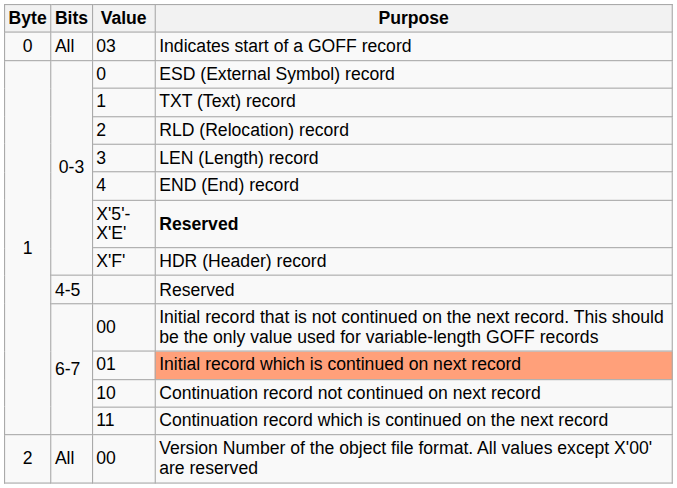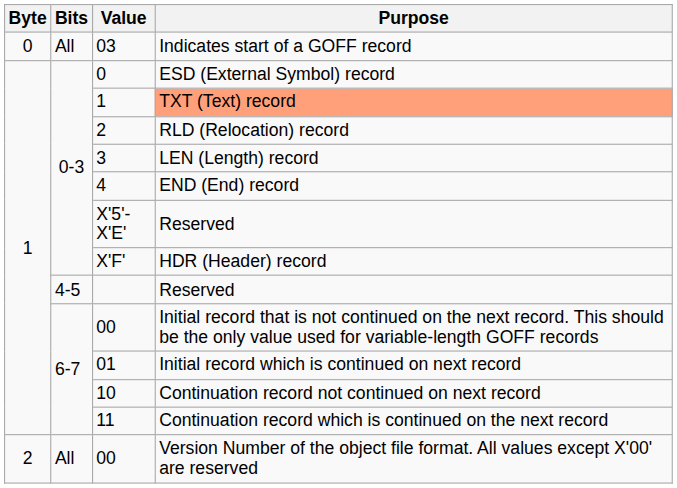 <table class="wikitable" border="1">
 <tr>
 <th>Byte</th>
 <th>Bits</th>
 <th>Value</th>
 <th>Purpose</th>
 </tr>
 <tr>
 <td style="text-align:center">0</td>
 <td>All</td>
 <td>03</td>
 <td>Indicates start of a GOFF record</td>
 </tr>
 <tr>
 <td style="text-align:center" rowspan=12>1</td>
 <td style="text-align:center" rowspan=7>0-3</td>
 <td>0</td>
 <td>ESD (External Symbol) record</td>
 </tr>
 <tr>
 <td>1</td>
-<td>TXT (Text) record</td>
+<td style="background: lightsalmon;">TXT (Text) record</td>
 </tr>
 <tr>
 <td>2</td>
 <td>RLD (Relocation) record</td>
 </tr>
 <tr>
 <td>3</td>
 <td>LEN (Length) record</td>
 </tr>
 <tr>
 <td>4</td>
 <td>END (End) record</td>
 </tr>
 <tr>
 <td>X'5'-X'E'</td>
-<td><strong>Reserved</strong></td>
+<td>Reserved</td>
 </tr>
 <tr>
 <td>X'F'</td>
 <td>HDR (Header) record</td>
 </tr>
 <tr>
 <td>4-5</td>
 <td></td>
 <td>Reserved</td>
 </tr>
 <tr>
 <td rowspan=4>6-7</td>
 <td>00</td>
 <td>Initial record that is not continued on the next record. This should be the only value used for variable-length GOFF records</td>
 </tr>
 <tr>
 <td>01</td>
-<td style="background: lightsalmon;">Initial record which is continued on next record</td>
+<td>Initial record which is continued on next record</td>
 </tr>
 <tr>
 <td>10</td>
 <td>Continuation record not continued on next record</td>
 </tr>
 <tr>
 <td>11</td>
 <td>Continuation record which is continued on the next record</td>
 </tr>
 <tr>
 <td style="text-align:center">2</td>
 <td>All</td>
 <td>00</td>
 <td>Version Number of the object file format. All values except X'00' are reserved</td>
 </tr>
 </table>
